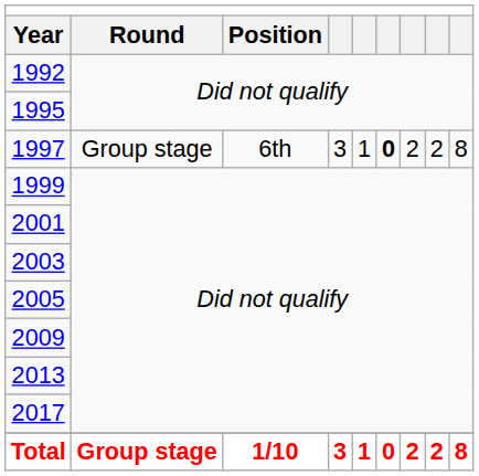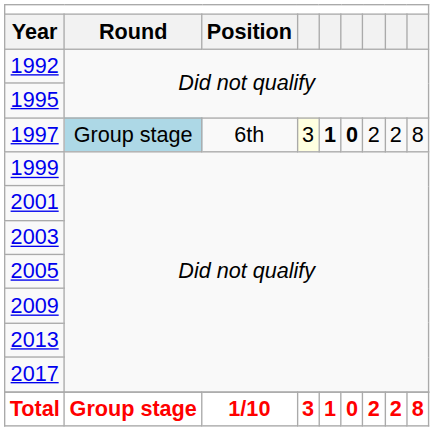 <table class="wikitable" style="text-align: center;">
 <tr style="color:red;">
 <th style="background:#ffffff;" colspan=10><a href='#'></a></th>
 </tr>
 <tr>
 <th>Year</th>
 <th>Round</th>
 <th>Position</th>
 <th></th>
 <th></th>
 <th></th>
 <th></th>
 <th></th>
 <th></th>
 </tr>
 <tr>
 <td> <a href='#'>1992</a></td>
 <td rowspan=2 colspan=8><em>Did not qualify</em></td>
 </tr>
 <tr>
 <td> <a href='#'>1995</a></td>
 </tr>
 <tr>
 <td> <a href='#'>1997</a></td>
-<td>Group stage</td>
+<td style="background: lightblue;">Group stage</td>
 <td>6th</td>
-<td>3</td>
-<td>1</td>
+<td style="background: lightyellow;">3</td>
+<td><strong>1</strong></td>
 <td><strong>0</strong></td>
 <td>2</td>
 <td>2</td>
 <td>8</td>
 </tr>
 <tr>
 <td> <a href='#'>1999</a></td>
 <td rowspan=7 colspan=8><em>Did not qualify</em></td>
 </tr>
 <tr>
 <td>  <a href='#'>2001</a></td>
 </tr>
 <tr>
 <td> <a href='#'>2003</a></td>
 </tr>
 <tr>
 <td> <a href='#'>2005</a></td>
 </tr>
 <tr>
 <td> <a href='#'>2009</a></td>
 </tr>
 <tr>
 <td> <a href='#'>2013</a></td>
 </tr>
 <tr>
 <td> <a href='#'>2017</a></td>
 </tr>
 <tr>
 </tr>
 <tr style="color:red;">
 <th style="background:#ffffff;"><strong>Total</strong></th>
 <th style="background:#ffffff;"><strong>Group stage</strong></th>
 <th style="background:#ffffff;"><strong>1/10</strong></th>
 <th style="background:#ffffff;"><strong>3</strong></th>
 <th style="background:#ffffff;"><strong>1</strong></th>
 <th style="background:#ffffff;"><strong>0</strong></th>
 <th style="background:#ffffff;"><strong>2</strong></th>
 <th style="background:#ffffff;"><strong>2</strong></th>
 <th style="background:#ffffff;"><strong>8</strong></th>
 </tr>
 </table>
